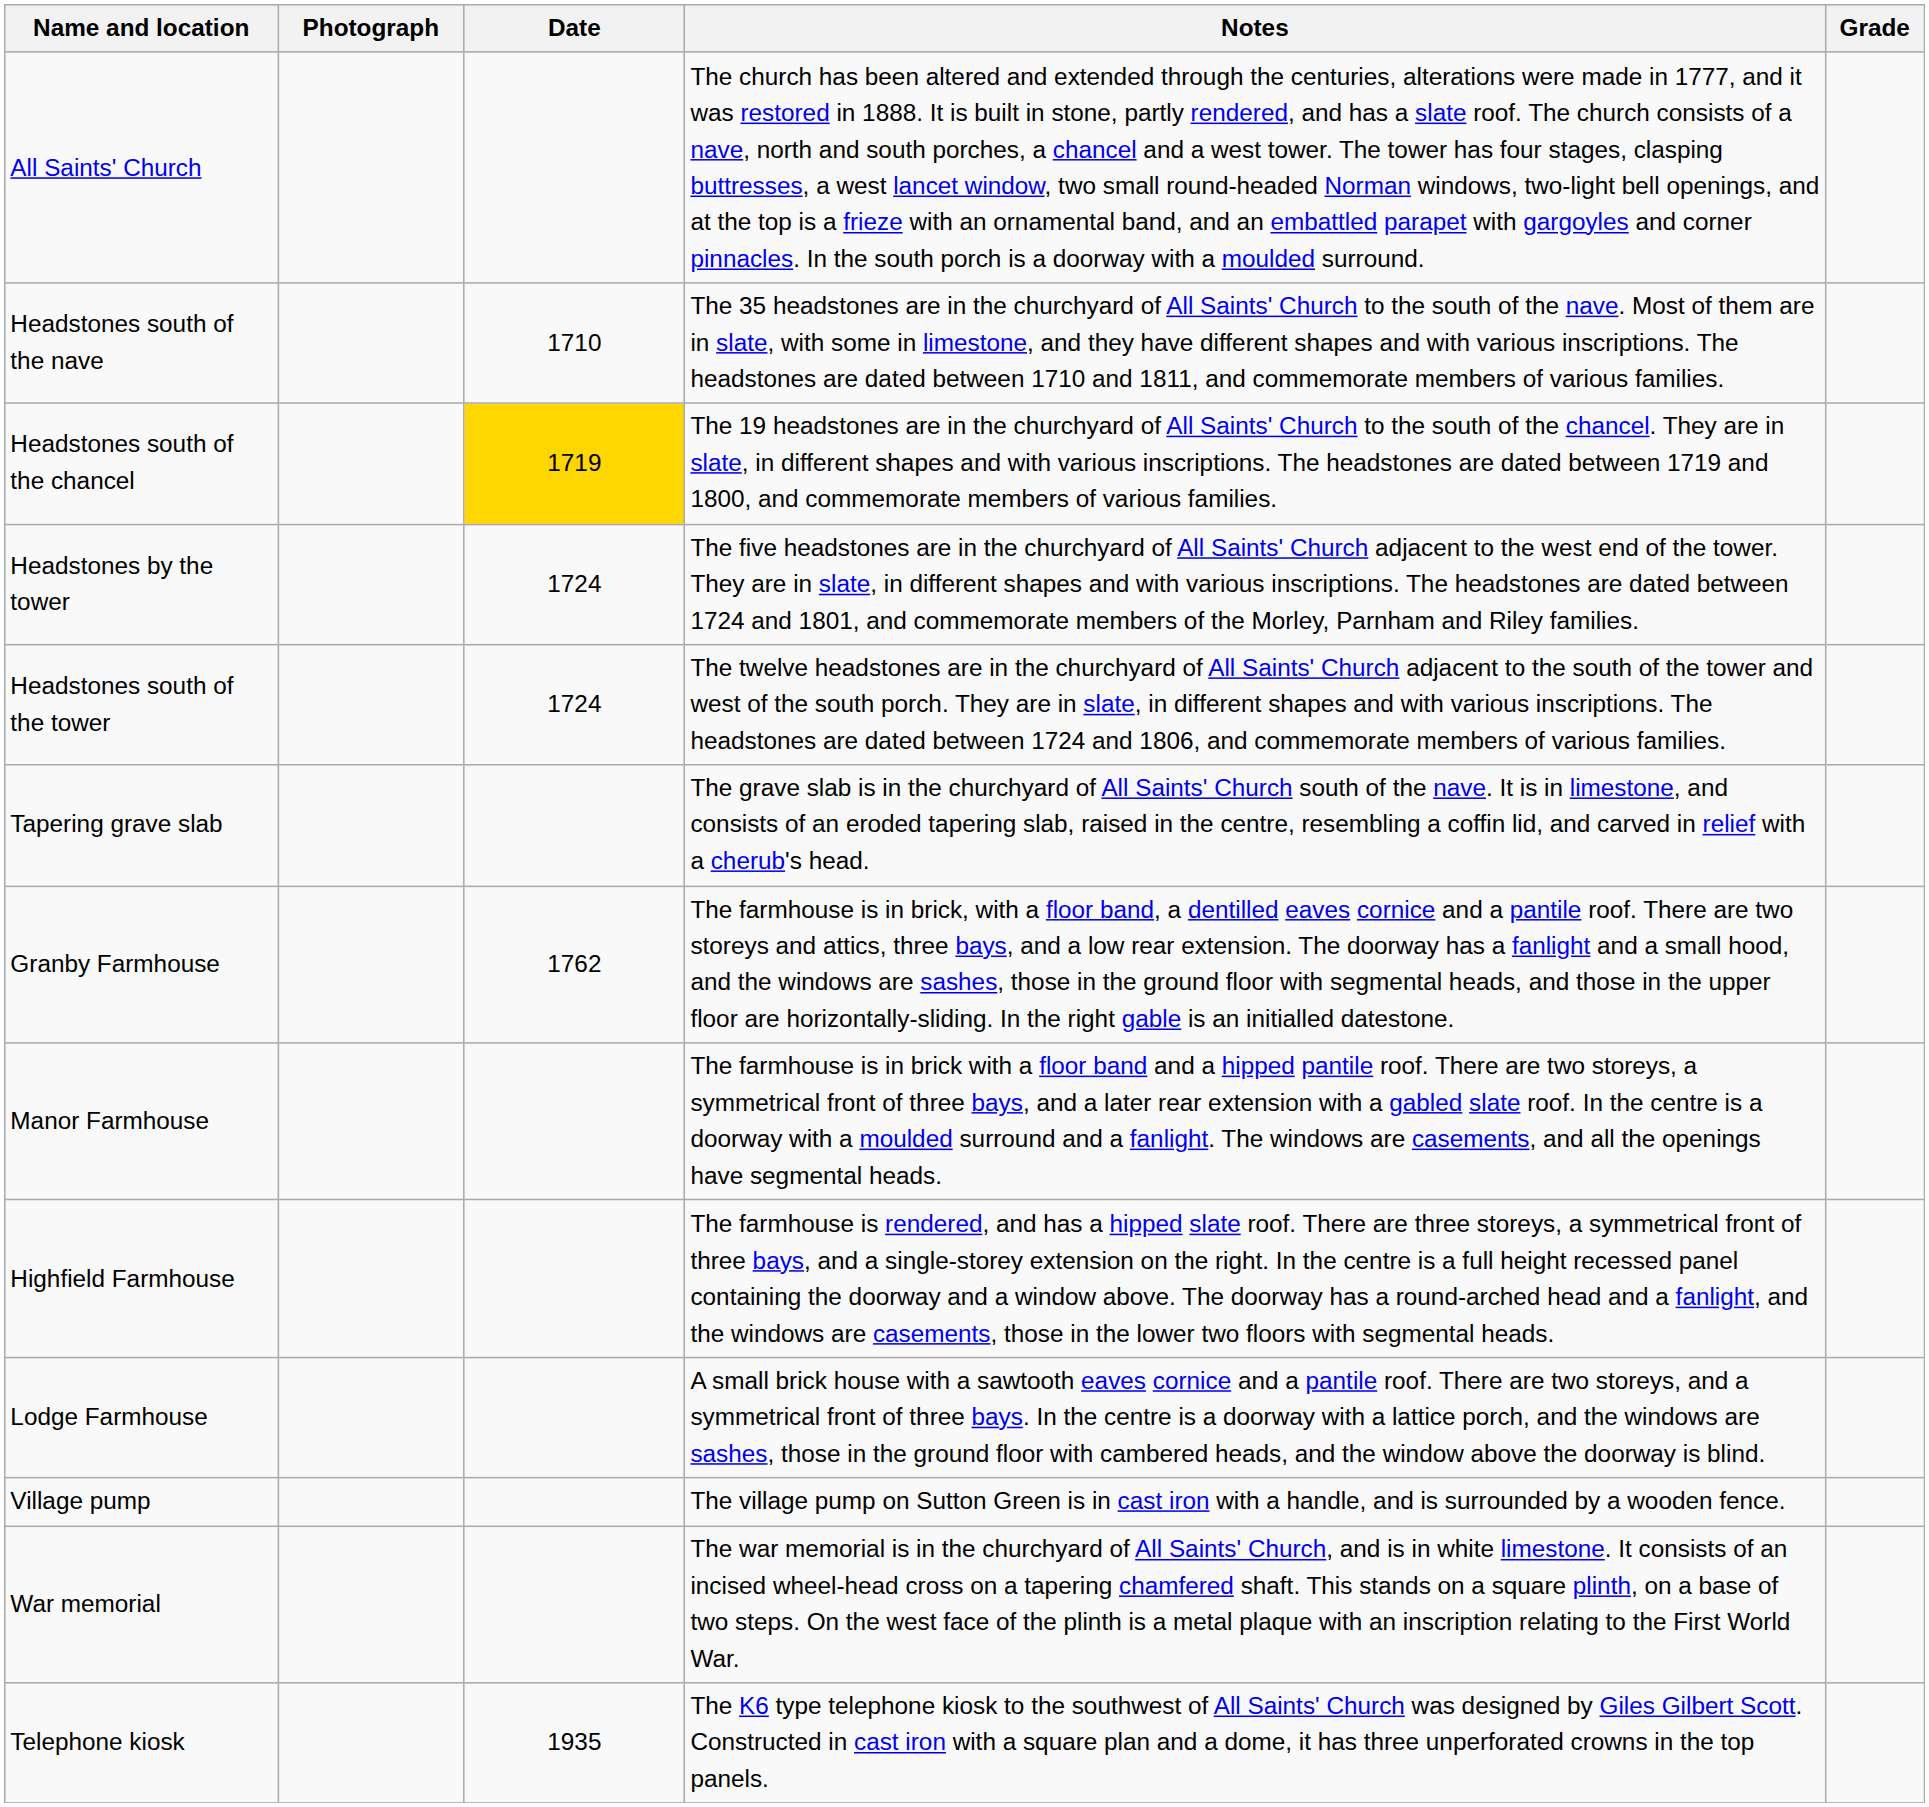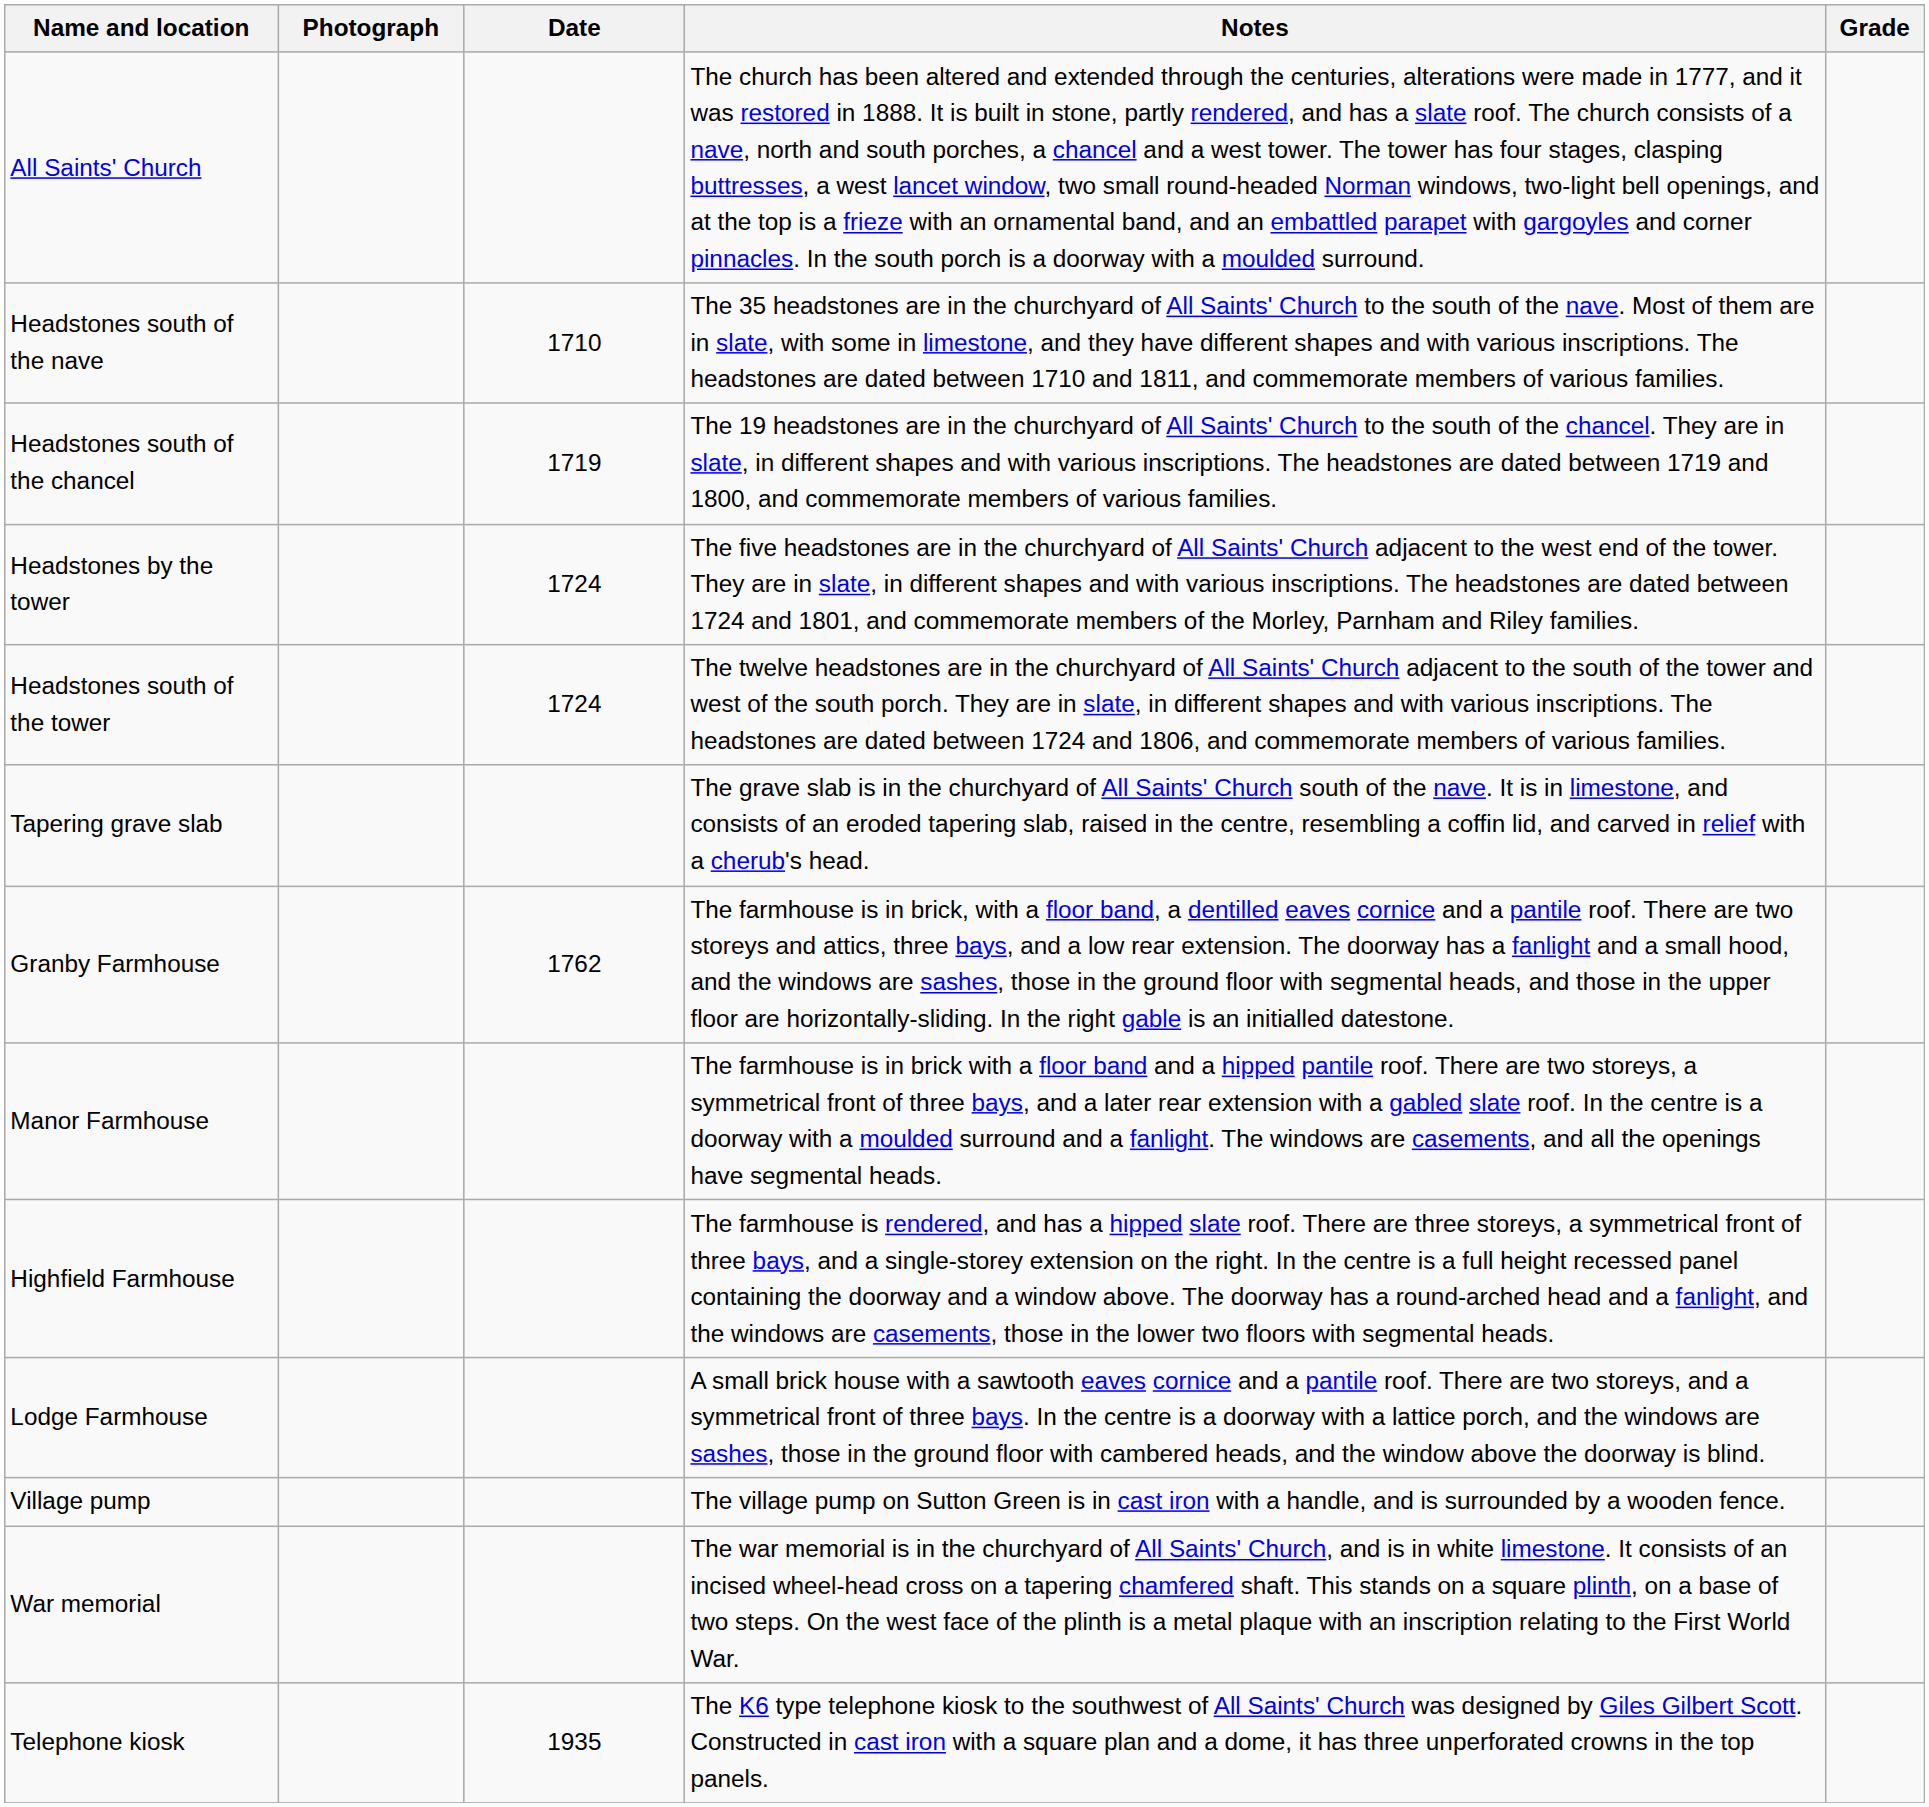 <table class="wikitable sortable plainrowheaders" style="width:100%; border:0px; text-align:left; line-height:150%">
 <tr>
 <th scope="col"  style="width:150px">Name and location</th>
 <th scope="col"  style="width:100px" class="unsortable">Photograph</th>
 <th scope="col"  style="width:120px">Date</th>
 <th scope="col"  style="width:650px" class="unsortable">Notes</th>
 <th scope="col"  style="width:50px">Grade</th>
 </tr>
 <tr>
 <td><a href='#'>All Saints' Church</a><br><small></small></td>
 <td></td>
 <td align="center"></td>
 <td>The church has been altered and extended through the centuries, alterations were made in 1777, and it was <a href='#'>restored</a> in 1888.  It is built in stone, partly <a href='#'>rendered</a>, and has a <a href='#'>slate</a> roof.  The church consists of a <a href='#'>nave</a>, north and south porches, a <a href='#'>chancel</a> and a west tower.  The tower has four stages, clasping <a href='#'>buttresses</a>, a west <a href='#'>lancet window</a>, two small round-headed <a href='#'>Norman</a> windows, two-light bell openings, and at the top is a <a href='#'>frieze</a> with an ornamental band, and an <a href='#'>embattled</a> <a href='#'>parapet</a> with <a href='#'>gargoyles</a> and corner <a href='#'>pinnacles</a>.  In the south porch is a doorway with a <a href='#'>moulded</a> surround.</td>
 <td align="center" ></td>
 </tr>
 <tr>
 <td>Headstones south of the nave<br><small></small></td>
 <td></td>
 <td align="center">1710</td>
 <td>The 35 headstones are in the churchyard of <a href='#'>All Saints' Church</a> to the south of the <a href='#'>nave</a>.  Most of them are in <a href='#'>slate</a>, with some in <a href='#'>limestone</a>, and they have different shapes and with various inscriptions.  The headstones are dated between 1710 and 1811, and commemorate members of various families.</td>
 <td align="center" ></td>
 </tr>
 <tr>
 <td>Headstones south of the chancel<br><small></small></td>
 <td></td>
-<td align="center" style="background: gold;">1719</td>
+<td align="center">1719</td>
 <td>The 19 headstones are in the churchyard of <a href='#'>All Saints' Church</a> to the south of the <a href='#'>chancel</a>.  They are in <a href='#'>slate</a>, in different shapes and with various inscriptions.  The headstones are dated between 1719 and 1800, and commemorate members of various families.</td>
 <td align="center" ></td>
 </tr>
 <tr>
 <td>Headstones by the tower<br><small></small></td>
 <td></td>
 <td align="center">1724</td>
 <td>The five headstones are in the churchyard of <a href='#'>All Saints' Church</a> adjacent to the west end of the tower.  They are in <a href='#'>slate</a>, in different shapes and with various inscriptions.  The headstones are dated between 1724 and 1801, and commemorate members of the Morley, Parnham and Riley families.</td>
 <td align="center" ></td>
 </tr>
 <tr>
 <td>Headstones south of the tower<br><small></small></td>
 <td></td>
 <td align="center">1724</td>
 <td>The twelve headstones are in the churchyard of <a href='#'>All Saints' Church</a> adjacent to the south of the tower and west of the south porch.  They are in <a href='#'>slate</a>, in different shapes and with various inscriptions.  The headstones are dated between 1724 and 1806, and commemorate members of various families.</td>
 <td align="center" ></td>
 </tr>
 <tr>
 <td>Tapering grave slab<br><small></small></td>
 <td></td>
 <td align="center"></td>
 <td>The grave slab is in the churchyard of <a href='#'>All Saints' Church</a> south of the <a href='#'>nave</a>.  It is in <a href='#'>limestone</a>, and consists of an eroded tapering slab, raised in the centre, resembling a coffin lid, and carved in <a href='#'>relief</a> with a <a href='#'>cherub</a>'s head.</td>
 <td align="center" ></td>
 </tr>
 <tr>
 <td>Granby Farmhouse<br><small></small></td>
 <td></td>
 <td align="center">1762</td>
 <td>The farmhouse is in brick, with a <a href='#'>floor band</a>, a <a href='#'>dentilled</a> <a href='#'>eaves</a> <a href='#'>cornice</a> and a <a href='#'>pantile</a> roof.  There are two storeys and attics, three <a href='#'>bays</a>, and a low rear extension.  The doorway has a <a href='#'>fanlight</a> and a small hood, and the windows are <a href='#'>sashes</a>, those in the ground floor with segmental heads, and those in the upper floor are horizontally-sliding.  In the right <a href='#'>gable</a> is an initialled datestone.</td>
 <td align="center" ></td>
 </tr>
 <tr>
 <td>Manor Farmhouse<br><small></small></td>
 <td></td>
 <td align="center"></td>
 <td>The farmhouse is in brick with a <a href='#'>floor band</a> and a <a href='#'>hipped</a> <a href='#'>pantile</a> roof.  There are two storeys, a symmetrical front of three <a href='#'>bays</a>, and a later rear extension with a <a href='#'>gabled</a> <a href='#'>slate</a> roof.  In the centre is a doorway with a <a href='#'>moulded</a> surround and a <a href='#'>fanlight</a>.  The windows are <a href='#'>casements</a>, and all the openings have segmental heads.</td>
 <td align="center" ></td>
 </tr>
 <tr>
 <td>Highfield Farmhouse<br><small></small></td>
 <td></td>
 <td align="center"></td>
 <td>The farmhouse is <a href='#'>rendered</a>, and has a <a href='#'>hipped</a> <a href='#'>slate</a> roof.  There are three storeys, a symmetrical front of three <a href='#'>bays</a>, and a single-storey extension on the right.  In the centre is a full height recessed panel containing the doorway and a window above.  The doorway has a round-arched head and a <a href='#'>fanlight</a>, and the windows are <a href='#'>casements</a>, those in the lower two floors with segmental heads.</td>
 <td align="center" ></td>
 </tr>
 <tr>
 <td>Lodge Farmhouse<br><small></small></td>
 <td></td>
 <td align="center"></td>
 <td>A small brick house with a sawtooth <a href='#'>eaves</a> <a href='#'>cornice</a> and a <a href='#'>pantile</a> roof.  There are two storeys, and a symmetrical front of three <a href='#'>bays</a>.  In the centre is a doorway with a lattice porch, and the windows are <a href='#'>sashes</a>, those in the ground floor with cambered heads, and the window above the doorway is blind.</td>
 <td align="center" ></td>
 </tr>
 <tr>
 <td>Village pump<br><small></small></td>
 <td></td>
 <td align="center"></td>
 <td>The village pump on Sutton Green is in <a href='#'>cast iron</a> with a handle, and is surrounded by a wooden fence.</td>
 <td align="center" ></td>
 </tr>
 <tr>
 <td>War memorial<br><small></small></td>
 <td></td>
 <td align="center"></td>
 <td>The war memorial is in the churchyard of <a href='#'>All Saints' Church</a>, and is in white <a href='#'>limestone</a>.  It consists of an incised wheel-head cross on a tapering <a href='#'>chamfered</a> shaft.  This stands on a square <a href='#'>plinth</a>, on a base of two steps.  On the west face of the plinth is a metal plaque with an inscription relating to the First World War.</td>
 <td align="center" ></td>
 </tr>
 <tr>
 <td>Telephone kiosk<br><small></small></td>
 <td></td>
 <td align="center">1935</td>
 <td>The <a href='#'>K6</a> type telephone kiosk to the southwest of <a href='#'>All Saints' Church</a> was designed by <a href='#'>Giles Gilbert Scott</a>.  Constructed in <a href='#'>cast iron</a> with a square plan and a dome, it has three unperforated crowns in the top panels.</td>
 <td align="center" ></td>
 </tr>
 <tr>
 </tr>
 </table>
